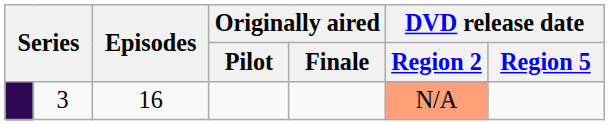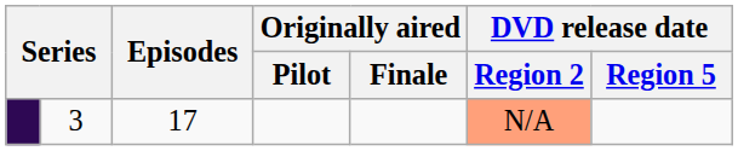 <table class="wikitable" style="text-align: center;">
 <tr>
 <th style="padding: 0 8px;" colspan="2" rowspan="2">Series</th>
 <th style="padding: 0 8px;" rowspan="2">Episodes</th>
 <th colspan="2">Originally aired</th>
 <th colspan="3"><a href='#'>DVD</a> release date</th>
 </tr>
 <tr>
 <th style="padding: 0 8px;">Pilot</th>
 <th style="padding: 0 8px;">Finale</th>
 <th><a href='#'>Region 2</a></th>
 <th style="padding: 0 8px;"><a href='#'>Region 5</a></th>
 </tr>
 <tr>
 <td style="background: #2E0854;"></td>
 <td>3</td>
-<td>16</td>
+<td>17</td>
 <td></td>
 <td></td>
 <td style="background: lightsalmon; padding: 0 8px;">N/A</td>
 <td></td>
 </tr>
 </table>
